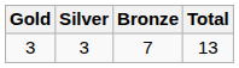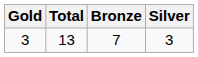 <table class="wikitable" width=20%>
 <tr>
 <th width=30%> Gold</th>
+<th width=20%>Total</th>
+<th width=30%> Bronze</th>
 <th width=30%> Silver</th>
-<th width=30%> Bronze</th>
-<th width=20%>Total</th>
 </tr>
 <tr align=center>
 <td>3</td>
+<td>13</td>
+<td>7</td>
 <td>3</td>
-<td>7</td>
-<td>13</td>
 </tr>
 </table>
